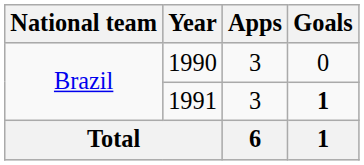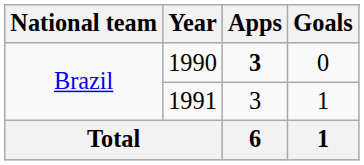 <table class="wikitable" style="text-align:center">
 <tr>
 <th>National team</th>
 <th>Year</th>
 <th>Apps</th>
 <th>Goals</th>
 </tr>
 <tr>
 <td rowspan="2"><a href='#'>Brazil</a></td>
 <td>1990</td>
-<td>3</td>
+<td><strong>3</strong></td>
 <td>0</td>
 </tr>
 <tr>
 <td>1991</td>
 <td>3</td>
-<td><strong>1</strong></td>
+<td>1</td>
 </tr>
 <tr>
 <th colspan="2">Total</th>
 <th>6</th>
 <th>1</th>
 </tr>
 </table>
